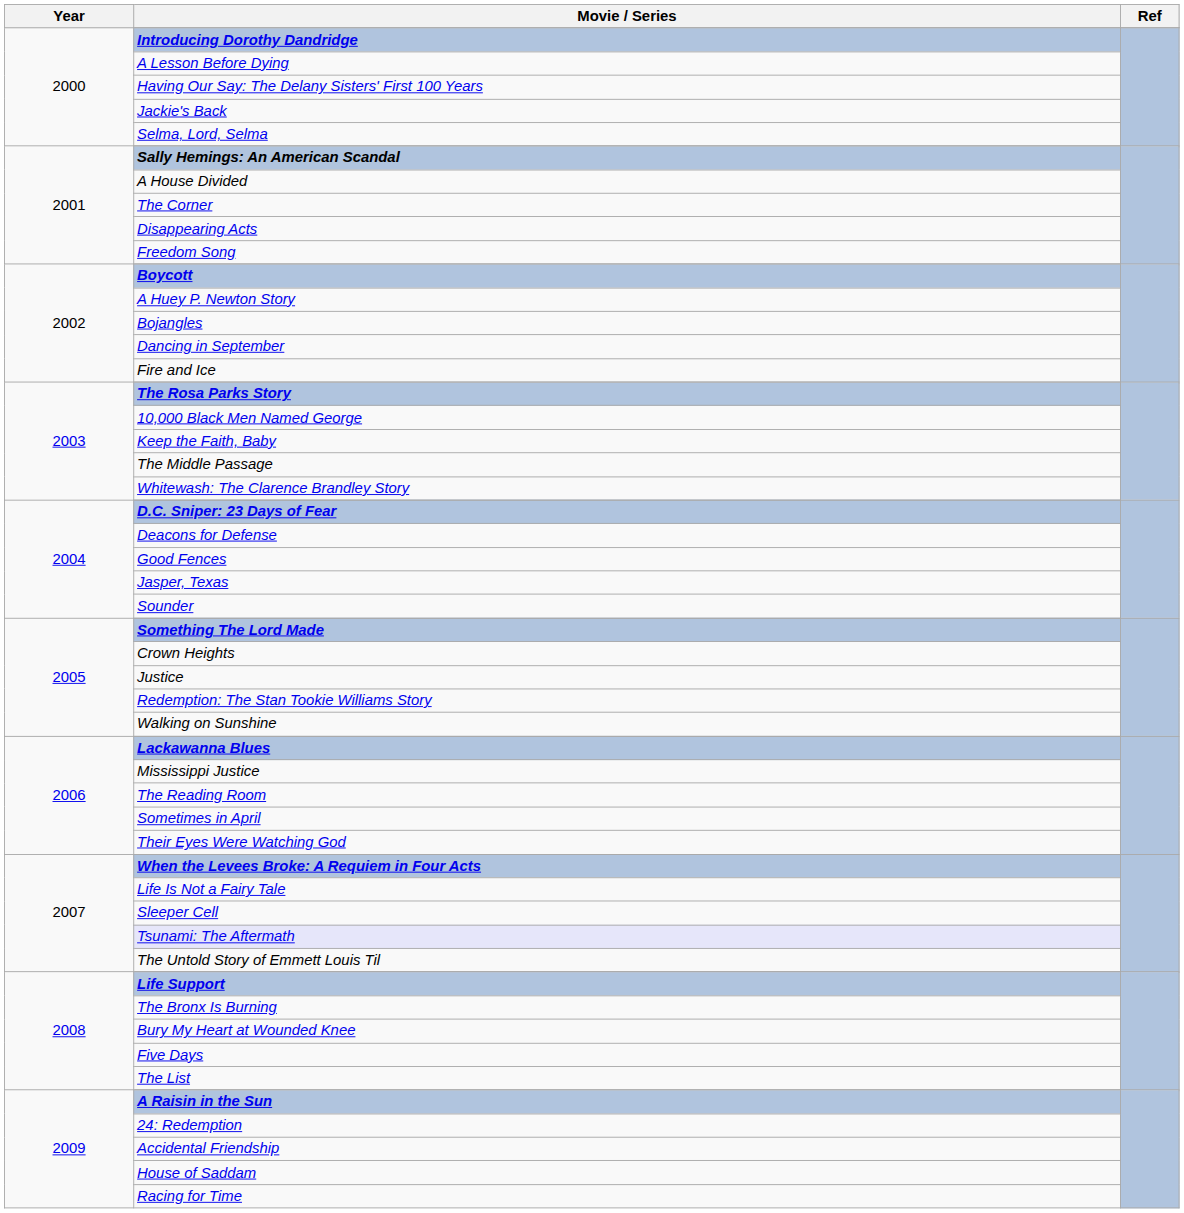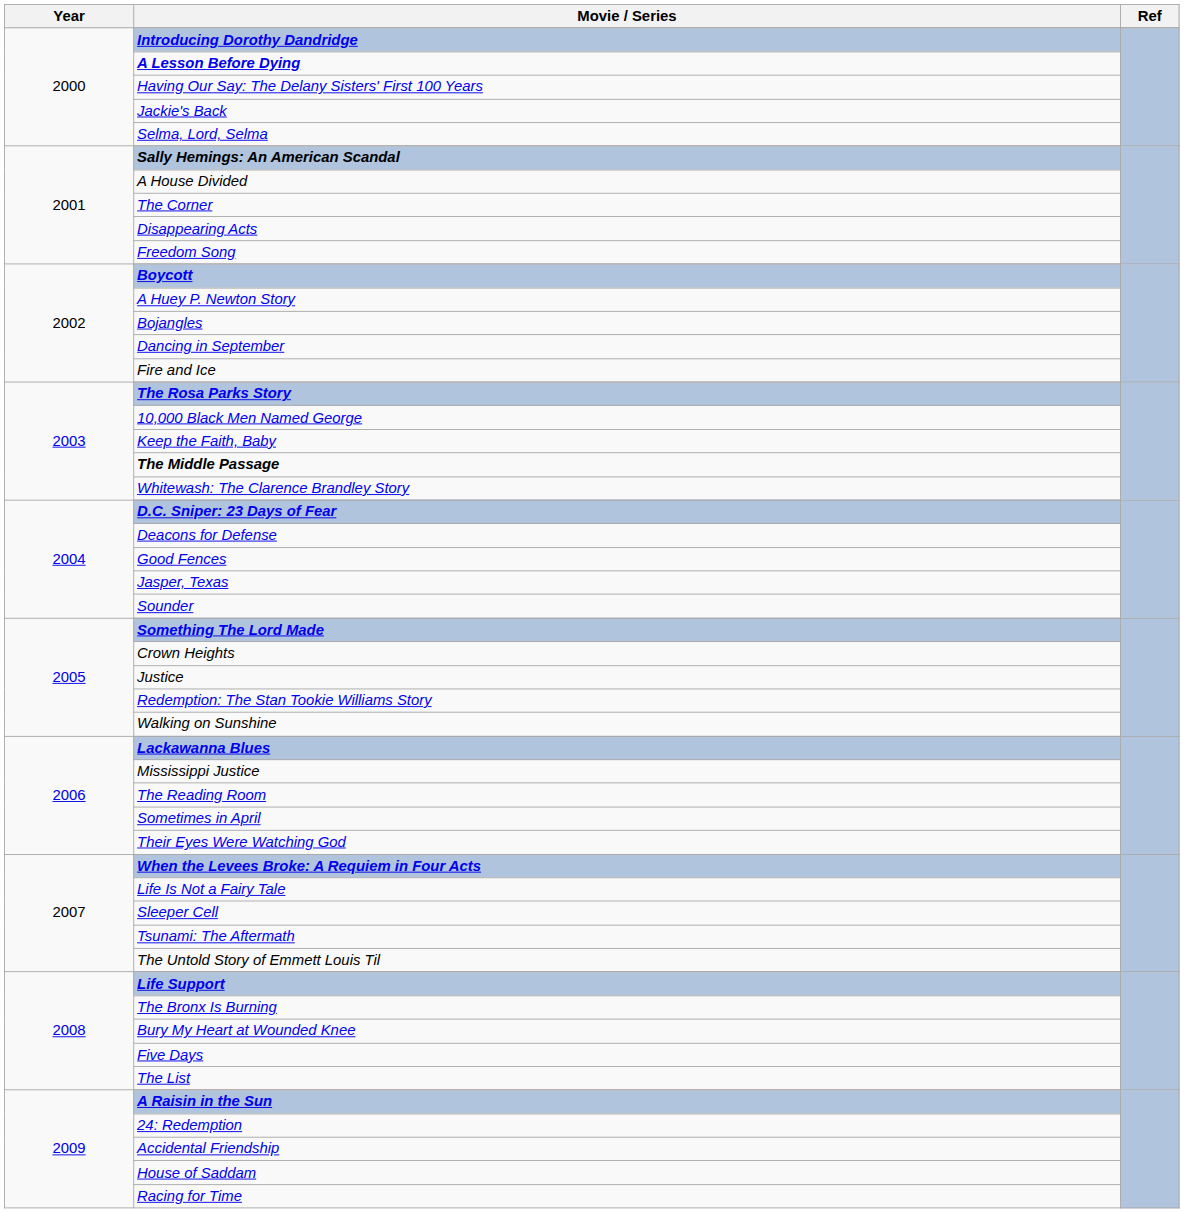 <table class="wikitable" style="width:100%;">
 <tr style="background:#bebebe;">
 <th style="width:11%;">Year</th>
 <th style="width:84%;">Movie / Series</th>
 <th style="width:5%;">Ref</th>
 </tr>
 <tr>
 <td rowspan="6" align="center">2000</td>
 </tr>
 <tr style="background:#B0C4DE">
 <td><strong><em><a href='#'>Introducing Dorothy Dandridge</a></em></strong></td>
 <td rowspan="6" align="center"></td>
 </tr>
 <tr>
-<td><em><a href='#'>A Lesson Before Dying</a></em></td>
+<td><strong><em><a href='#'>A Lesson Before Dying</a></em></strong></td>
 </tr>
 <tr>
 <td><em><a href='#'>Having Our Say: The Delany Sisters' First 100 Years</a></em></td>
 </tr>
 <tr>
 <td><em><a href='#'>Jackie's Back</a></em></td>
 </tr>
 <tr>
 <td><em><a href='#'>Selma, Lord, Selma</a></em></td>
 </tr>
 <tr>
 <td rowspan="6" align="center">2001</td>
 </tr>
 <tr style="background:#B0C4DE">
 <td><strong><em>Sally Hemings: An American Scandal</em></strong></td>
 <td rowspan="6" align="center"></td>
 </tr>
 <tr>
 <td><em>A House Divided</em></td>
 </tr>
 <tr>
 <td><em><a href='#'>The Corner</a></em></td>
 </tr>
 <tr>
 <td><em><a href='#'>Disappearing Acts</a></em></td>
 </tr>
 <tr>
 <td><em><a href='#'>Freedom Song</a></em></td>
 </tr>
 <tr>
 <td rowspan="6" align="center">2002</td>
 </tr>
 <tr style="background:#B0C4DE">
 <td><strong><em><a href='#'>Boycott</a></em></strong></td>
 <td rowspan="6" align="center"></td>
 </tr>
 <tr>
 <td><em><a href='#'>A Huey P. Newton Story</a></em></td>
 </tr>
 <tr>
 <td><em><a href='#'>Bojangles</a></em></td>
 </tr>
 <tr>
 <td><em><a href='#'>Dancing in September</a></em></td>
 </tr>
 <tr>
 <td><em>Fire and Ice</em></td>
 </tr>
 <tr>
 <td rowspan="6" align="center"><a href='#'>2003</a></td>
 </tr>
 <tr style="background:#B0C4DE">
 <td><strong><em><a href='#'>The Rosa Parks Story</a></em></strong></td>
 <td rowspan="6" align="center"></td>
 </tr>
 <tr>
 <td><em><a href='#'>10,000 Black Men Named George</a></em></td>
 </tr>
 <tr>
 <td><em><a href='#'>Keep the Faith, Baby</a></em></td>
 </tr>
 <tr>
-<td><em>The Middle Passage</em></td>
+<td><strong><em>The Middle Passage</em></strong></td>
 </tr>
 <tr>
 <td><em><a href='#'>Whitewash: The Clarence Brandley Story</a></em></td>
 </tr>
 <tr>
 <td rowspan="6" align="center"><a href='#'>2004</a></td>
 </tr>
 <tr style="background:#B0C4DE">
 <td><strong><em><a href='#'>D.C. Sniper: 23 Days of Fear</a></em></strong></td>
 <td rowspan="6" align="center"></td>
 </tr>
 <tr>
 <td><em><a href='#'>Deacons for Defense</a></em></td>
 </tr>
 <tr>
 <td><em><a href='#'>Good Fences</a></em></td>
 </tr>
 <tr>
 <td><em><a href='#'>Jasper, Texas</a></em></td>
 </tr>
 <tr>
 <td><em><a href='#'>Sounder</a></em></td>
 </tr>
 <tr>
 <td rowspan="6" align="center"><a href='#'>2005</a></td>
 </tr>
 <tr style="background:#B0C4DE">
 <td><strong><em><a href='#'>Something The Lord Made</a></em></strong></td>
 <td rowspan="6" align="center"></td>
 </tr>
 <tr>
 <td><em>Crown Heights</em></td>
 </tr>
 <tr>
 <td><em>Justice</em></td>
 </tr>
 <tr>
 <td><em><a href='#'>Redemption: The Stan Tookie Williams Story</a></em></td>
 </tr>
 <tr>
 <td><em>Walking on Sunshine</em></td>
 </tr>
 <tr>
 <td rowspan="6" align="center"><a href='#'>2006</a></td>
 </tr>
 <tr style="background:#B0C4DE">
 <td><strong><em><a href='#'>Lackawanna Blues</a></em></strong></td>
 <td rowspan="6" align="center"></td>
 </tr>
 <tr>
 <td><em>Mississippi Justice</em></td>
 </tr>
 <tr>
 <td><em><a href='#'>The Reading Room</a></em></td>
 </tr>
 <tr>
 <td><em><a href='#'>Sometimes in April</a></em></td>
 </tr>
 <tr>
 <td><em><a href='#'>Their Eyes Were Watching God</a></em></td>
 </tr>
 <tr>
 <td rowspan="6" align="center">2007</td>
 </tr>
 <tr style="background:#B0C4DE">
 <td><strong><em><a href='#'>When the Levees Broke: A Requiem in Four Acts</a></em></strong></td>
 <td rowspan="6" align="center"></td>
 </tr>
 <tr>
 <td><em><a href='#'>Life Is Not a Fairy Tale</a></em></td>
 </tr>
 <tr>
 <td><em><a href='#'>Sleeper Cell</a></em></td>
 </tr>
 <tr>
-<td style="background: lavender;"><em><a href='#'>Tsunami: The Aftermath</a></em></td>
+<td><em><a href='#'>Tsunami: The Aftermath</a></em></td>
 </tr>
 <tr>
 <td><em>The Untold Story of Emmett Louis Til</em></td>
 </tr>
 <tr>
 <td rowspan="6" align="center"><a href='#'>2008</a></td>
 </tr>
 <tr style="background:#B0C4DE">
 <td><strong><em><a href='#'>Life Support</a></em></strong></td>
 <td rowspan="6" align="center"></td>
 </tr>
 <tr>
 <td><em><a href='#'>The Bronx Is Burning</a></em></td>
 </tr>
 <tr>
 <td><em><a href='#'>Bury My Heart at Wounded Knee</a></em></td>
 </tr>
 <tr>
 <td><em><a href='#'>Five Days</a></em></td>
 </tr>
 <tr>
 <td><em><a href='#'>The List</a></em></td>
 </tr>
 <tr>
 <td rowspan="6" align="center"><a href='#'>2009</a></td>
 </tr>
 <tr style="background:#B0C4DE">
 <td><strong><em><a href='#'>A Raisin in the Sun</a></em></strong></td>
 <td rowspan="6" align="center"></td>
 </tr>
 <tr>
 <td><em><a href='#'>24: Redemption</a></em></td>
 </tr>
 <tr>
 <td><em><a href='#'>Accidental Friendship</a></em></td>
 </tr>
 <tr>
 <td><em><a href='#'>House of Saddam</a></em></td>
 </tr>
 <tr>
 <td><em><a href='#'>Racing for Time</a></em></td>
 </tr>
 </table>
